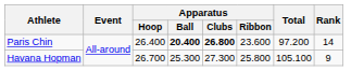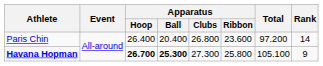 <table class=wikitable style=font-size:90%;text-align:center>
 <tr>
 <th rowspan=2>Athlete</th>
 <th rowspan=2>Event</th>
 <th colspan=4>Apparatus</th>
 <th rowspan=2>Total</th>
 <th rowspan=2>Rank</th>
 </tr>
 <tr style=font-size:95%>
 <th>Hoop</th>
 <th>Ball</th>
 <th>Clubs</th>
 <th>Ribbon</th>
 </tr>
 <tr>
 <td align=left><a href='#'>Paris Chin</a></td>
 <td align=left rowspan=2><a href='#'>All-around</a></td>
 <td>26.400</td>
-<td><strong>20.400</strong></td>
-<td><strong>26.800</strong></td>
+<td>20.400</td>
+<td>26.800</td>
 <td>23.600</td>
 <td>97.200</td>
 <td>14</td>
 </tr>
 <tr>
-<td align=left><a href='#'>Havana Hopman</a></td>
-<td>26.700</td>
-<td>25.300</td>
+<td align=left><strong><a href='#'>Havana Hopman</a></strong></td>
+<td><strong>26.700</strong></td>
+<td><strong>25.300</strong></td>
 <td>27.300</td>
 <td>25.800</td>
 <td>105.100</td>
 <td>9</td>
 </tr>
 </table>
